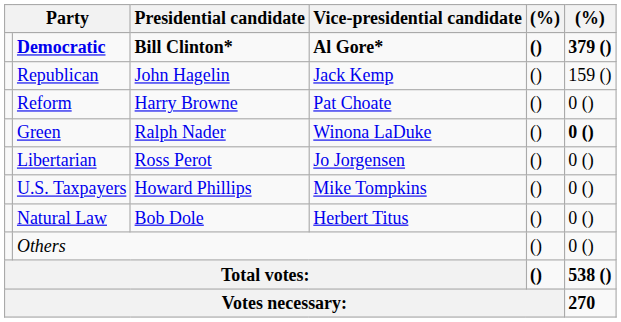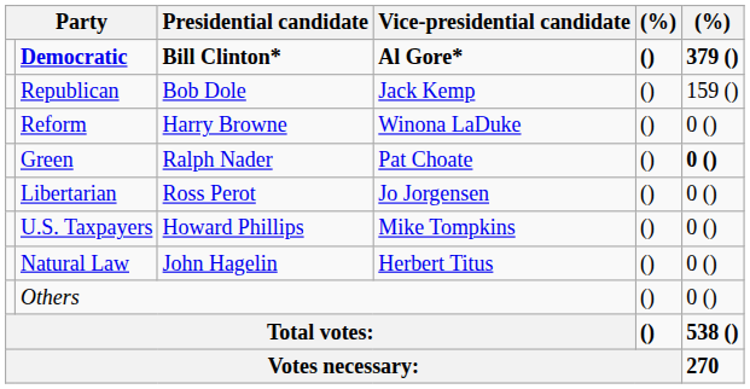 <table class="wikitable sortable">
 <tr>
 <th scope="col" colspan="2">Party</th>
 <th scope="col">Presidential candidate</th>
 <th scope="col">Vice-presidential candidate</th>
 <th scope="col"> (%)</th>
 <th scope="col"> (%)</th>
 </tr>
 <tr>
 <td style="background-color:"></td>
 <td><a href='#'><strong>Democratic</strong></a></td>
 <td><strong>Bill Clinton*</strong></td>
 <td><strong>Al Gore*</strong></td>
 <td><strong> ()</strong></td>
 <td><strong>379 ()</strong></td>
 </tr>
 <tr>
 <td style="background-color:"></td>
 <td><a href='#'>Republican</a></td>
-<td><a href='#'>John Hagelin</a></td>
+<td><a href='#'>Bob Dole</a></td>
 <td><a href='#'>Jack Kemp</a></td>
 <td> () </td>
 <td>159 ()</td>
 </tr>
 <tr>
 <td style="background-color:"></td>
 <td><a href='#'>Reform</a></td>
 <td><a href='#'>Harry Browne</a></td>
-<td><a href='#'>Pat Choate</a></td>
+<td><a href='#'>Winona LaDuke</a></td>
 <td> ()</td>
 <td>0 ()</td>
 </tr>
 <tr>
 <td style="background-color:"></td>
 <td><a href='#'>Green</a></td>
 <td><a href='#'>Ralph Nader</a></td>
-<td><a href='#'>Winona LaDuke</a></td>
+<td><a href='#'>Pat Choate</a></td>
 <td> ()</td>
 <td><strong>0 ()</strong></td>
 </tr>
 <tr>
 <td style="background-color:"></td>
 <td><a href='#'>Libertarian</a></td>
 <td><a href='#'>Ross Perot</a></td>
 <td><a href='#'>Jo Jorgensen</a></td>
 <td> ()</td>
 <td>0 ()</td>
 </tr>
 <tr>
 <td style="background-color:"></td>
 <td><a href='#'>U.S. Taxpayers</a></td>
 <td><a href='#'>Howard Phillips</a></td>
 <td><a href='#'>Mike Tompkins</a></td>
 <td> ()</td>
 <td>0 ()</td>
 </tr>
 <tr>
 <td style="background-color:"></td>
 <td><a href='#'>Natural Law</a></td>
-<td><a href='#'>Bob Dole</a></td>
+<td><a href='#'>John Hagelin</a></td>
 <td><a href='#'>Herbert Titus</a></td>
 <td> ()</td>
 <td>0 ()</td>
 </tr>
 <tr>
 <td style="background-color:"></td>
 <td colspan="3"><em>Others</em></td>
 <td> ()</td>
 <td>0 ()</td>
 </tr>
 <tr>
 <th colspan="4">Total votes:</th>
 <td><strong> ()</strong></td>
 <td><strong>538 ()</strong></td>
 </tr>
 <tr>
 <th colspan="5">Votes necessary:</th>
 <td><strong>270</strong></td>
 </tr>
 </table>
